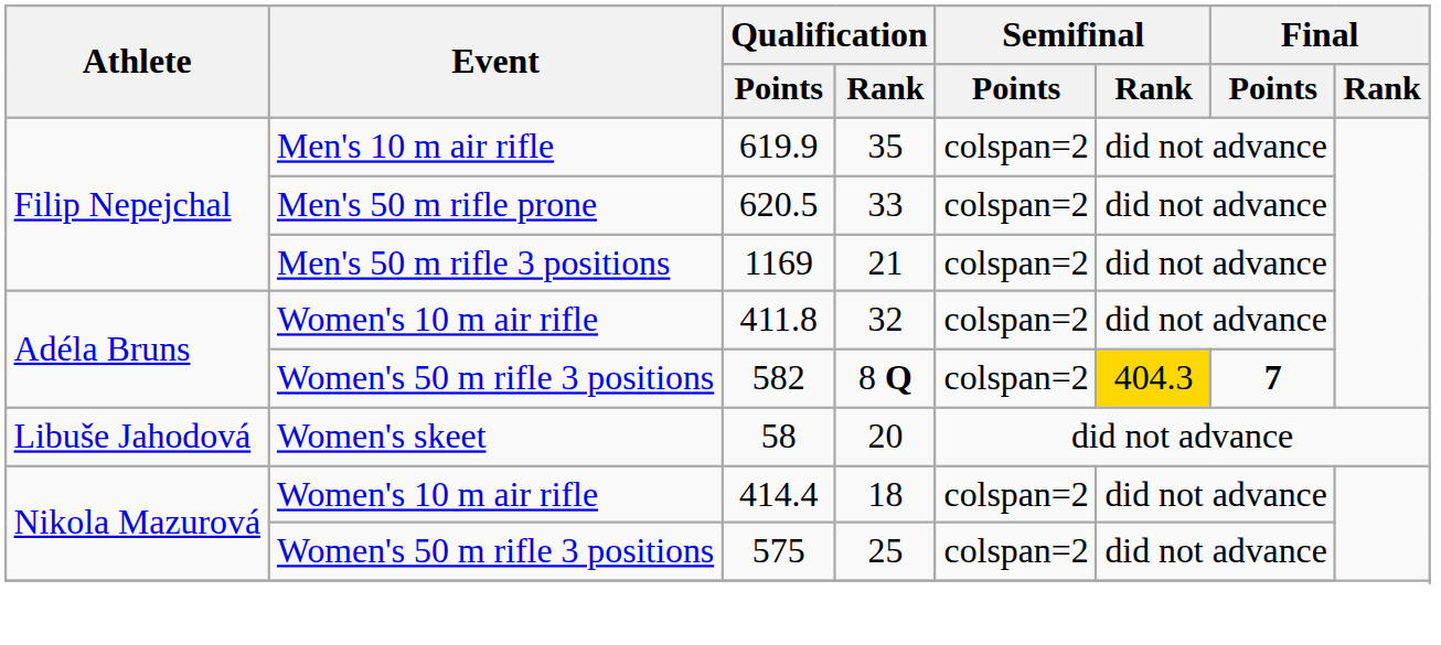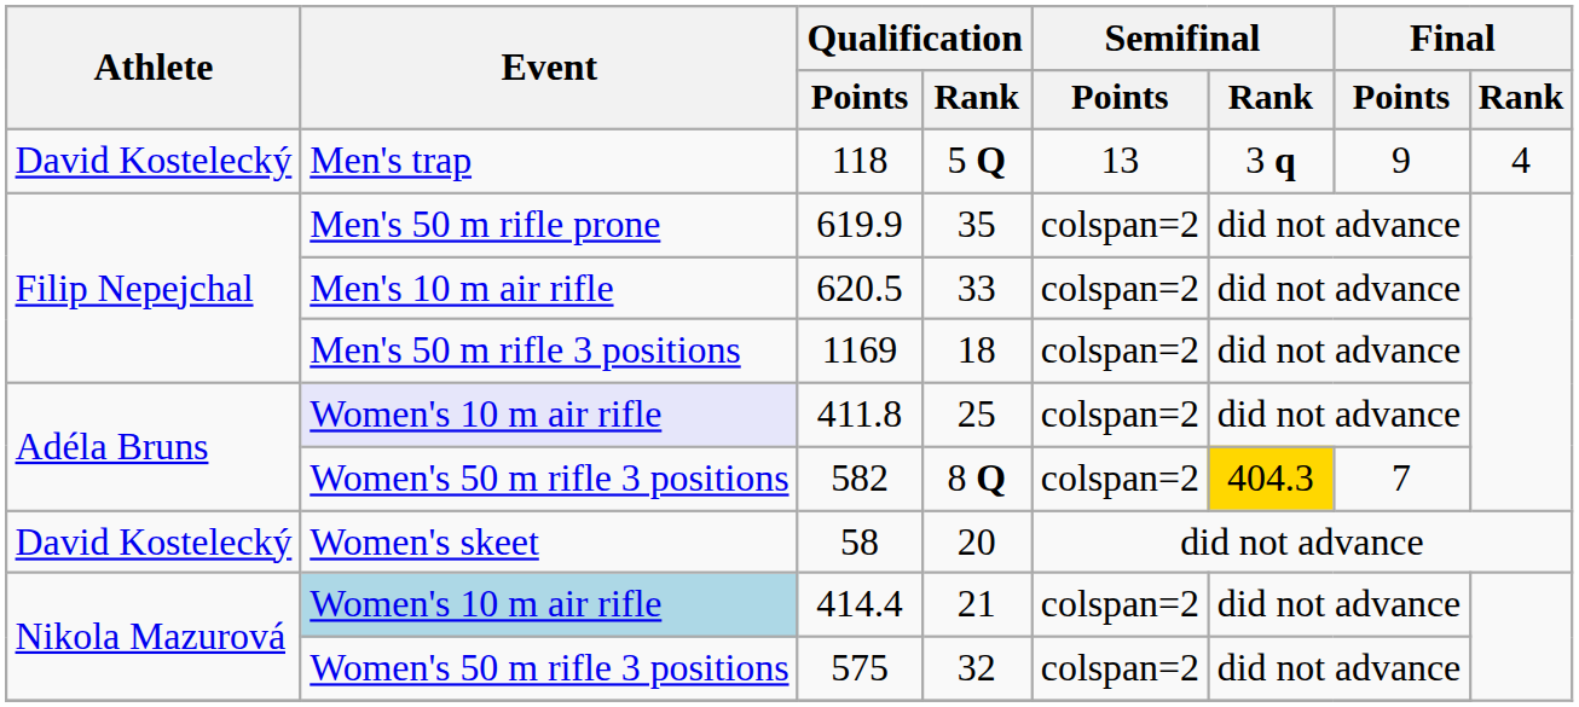 <table class="wikitable" style="font-size:90%">
 <tr>
 <th rowspan="2">Athlete</th>
 <th rowspan="2">Event</th>
 <th colspan=2>Qualification</th>
 <th colspan=2>Semifinal</th>
 <th colspan=2>Final</th>
 </tr>
 <tr style="font-size:95%">
 <th>Points</th>
 <th>Rank</th>
 <th>Points</th>
 <th>Rank</th>
 <th>Points</th>
 <th>Rank</th>
 </tr>
 <tr align=center>
+<td align=left><a href='#'>David Kostelecký</a></td>
+<td align=left><a href='#'>Men's trap</a></td>
+<td>118</td>
+<td>5 <strong>Q</strong></td>
+<td>13</td>
+<td>3 <strong>q</strong></td>
+<td>9</td>
+<td>4</td>
+</tr>
+<tr align=center>
 <td align=left rowspan=3><a href='#'>Filip Nepejchal</a></td>
-<td align=left><a href='#'>Men's 10 m air rifle</a></td>
+<td align=left><a href='#'>Men's 50 m rifle prone</a></td>
 <td>619.9</td>
 <td>35</td>
 <td>colspan=2 </td>
 <td colspan=2>did not advance</td>
 </tr>
 <tr align=center>
-<td align=left><a href='#'>Men's 50 m rifle prone</a></td>
+<td align=left><a href='#'>Men's 10 m air rifle</a></td>
 <td>620.5</td>
 <td>33</td>
 <td>colspan=2 </td>
 <td colspan=2>did not advance</td>
 </tr>
 <tr align=center>
 <td align=left><a href='#'>Men's 50 m rifle 3 positions</a></td>
 <td>1169</td>
-<td>21</td>
+<td>18</td>
 <td>colspan=2 </td>
 <td colspan=2>did not advance</td>
 </tr>
 <tr align=center>
 <td align=left rowspan=2><a href='#'>Adéla Bruns</a></td>
-<td align=left><a href='#'>Women's 10 m air rifle</a></td>
+<td align=left style="background: lavender;"><a href='#'>Women's 10 m air rifle</a></td>
 <td>411.8</td>
-<td>32</td>
+<td>25</td>
 <td>colspan=2 </td>
 <td colspan=2>did not advance</td>
 </tr>
 <tr align=center>
 <td align=left><a href='#'>Women's 50 m rifle 3 positions</a></td>
 <td>582</td>
 <td>8 <strong>Q</strong></td>
 <td>colspan=2 </td>
 <td style="background: gold;">404.3</td>
-<td><strong>7</strong></td>
+<td>7</td>
 </tr>
 <tr align=center>
-<td align=left><a href='#'>Libuše Jahodová</a></td>
+<td align=left><a href='#'>David Kostelecký</a></td>
 <td align=left><a href='#'>Women's skeet</a></td>
 <td>58</td>
 <td>20</td>
 <td colspan=4>did not advance</td>
 </tr>
 <tr align=center>
 <td align=left rowspan=2><a href='#'>Nikola Mazurová</a></td>
-<td align=left><a href='#'>Women's 10 m air rifle</a></td>
+<td align=left style="background: lightblue;"><a href='#'>Women's 10 m air rifle</a></td>
 <td>414.4</td>
-<td>18</td>
+<td>21</td>
 <td>colspan=2 </td>
 <td colspan=2>did not advance</td>
 </tr>
 <tr align=center>
 <td align=left><a href='#'>Women's 50 m rifle 3 positions</a></td>
 <td>575</td>
-<td>25</td>
+<td>32</td>
 <td>colspan=2 </td>
 <td colspan=2>did not advance</td>
 </tr>
 <tr align=center>
 </tr>
 </table>
